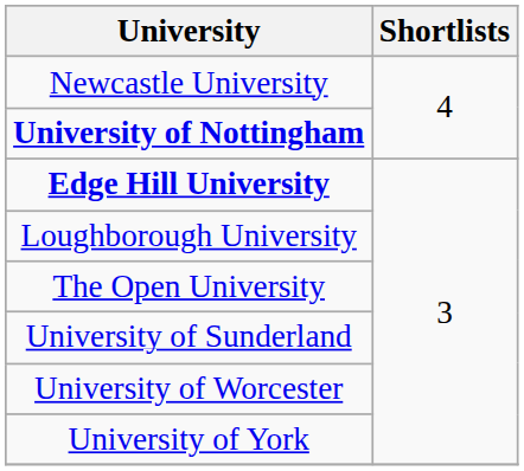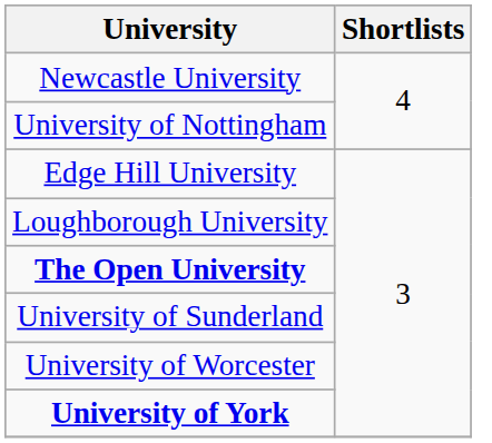 <table class="wikitable" rowspan="2" style="text-align:center" background: #f6e39c;>
 <tr>
 <th scope="col" style="text-align:center">University</th>
 <th scope="col" style="width:55px">Shortlists</th>
 </tr>
 <tr>
 <td><a href='#'>Newcastle University</a></td>
 <td rowspan="2" style="text-align:center">4</td>
 </tr>
 <tr>
-<td><strong><a href='#'>University of Nottingham</a></strong></td>
+<td><a href='#'>University of Nottingham</a></td>
 </tr>
 <tr>
-<td><strong><a href='#'>Edge Hill University</a></strong></td>
+<td><a href='#'>Edge Hill University</a></td>
 <td rowspan="6" style="text-align:center">3</td>
 </tr>
 <tr>
 <td><a href='#'>Loughborough University</a></td>
 </tr>
 <tr>
-<td><a href='#'>The Open University</a></td>
+<td><strong><a href='#'>The Open University</a></strong></td>
 </tr>
 <tr>
 <td><a href='#'>University of Sunderland</a></td>
 </tr>
 <tr>
 <td><a href='#'>University of Worcester</a></td>
 </tr>
 <tr>
-<td><a href='#'>University of York</a></td>
+<td><strong><a href='#'>University of York</a></strong></td>
 </tr>
 <tr>
 </tr>
 </table>
